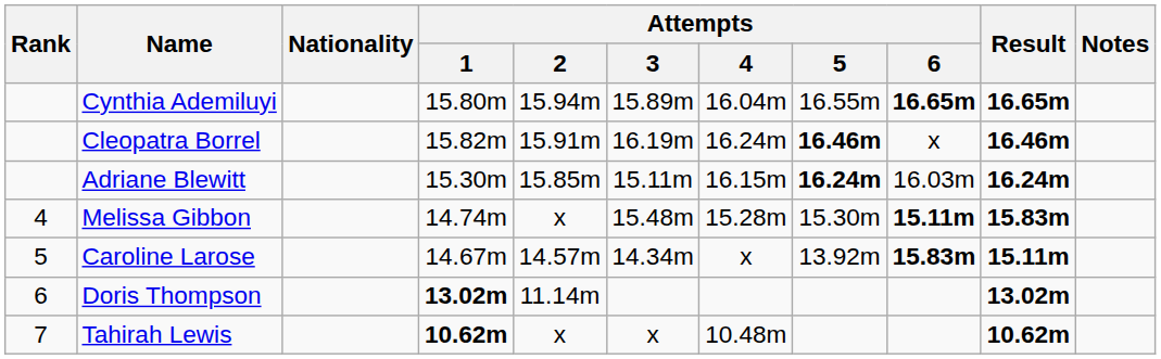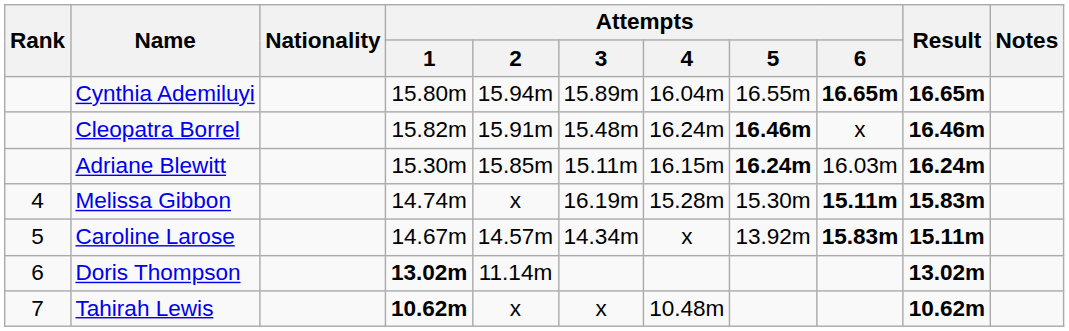 <table class="wikitable sortable" style="text-align:center">
 <tr>
 <th rowspan=2>Rank</th>
 <th rowspan=2>Name</th>
 <th rowspan=2>Nationality</th>
 <th colspan=6>Attempts</th>
 <th rowspan=2>Result</th>
 <th rowspan=2>Notes</th>
 </tr>
 <tr>
 <th>1</th>
 <th>2</th>
 <th>3</th>
 <th>4</th>
 <th>5</th>
 <th>6</th>
 </tr>
 <tr>
 <td align=center></td>
 <td align=left><a href='#'>Cynthia Ademiluyi</a></td>
 <td align=left></td>
 <td>15.80m</td>
 <td>15.94m</td>
 <td>15.89m</td>
 <td>16.04m</td>
 <td>16.55m</td>
 <td><strong>16.65m</strong></td>
 <td><strong>16.65m</strong></td>
 <td></td>
 </tr>
 <tr>
 <td align=center></td>
 <td align=left><a href='#'>Cleopatra Borrel</a></td>
 <td align=left></td>
 <td>15.82m</td>
 <td>15.91m</td>
-<td>16.19m</td>
+<td>15.48m</td>
 <td>16.24m</td>
 <td><strong>16.46m</strong></td>
 <td>x</td>
 <td><strong>16.46m</strong></td>
 <td></td>
 </tr>
 <tr>
 <td align=center></td>
 <td align=left><a href='#'>Adriane Blewitt</a></td>
 <td align=left></td>
 <td>15.30m</td>
 <td>15.85m</td>
 <td>15.11m</td>
 <td>16.15m</td>
 <td><strong>16.24m</strong></td>
 <td>16.03m</td>
 <td><strong>16.24m</strong></td>
 <td></td>
 </tr>
 <tr>
 <td align=center>4</td>
 <td align=left><a href='#'>Melissa Gibbon</a></td>
 <td align=left></td>
 <td>14.74m</td>
 <td>x</td>
-<td>15.48m</td>
+<td>16.19m</td>
 <td>15.28m</td>
 <td>15.30m</td>
 <td><strong>15.11m</strong></td>
 <td><strong>15.83m</strong></td>
 <td></td>
 </tr>
 <tr>
 <td align=center>5</td>
 <td align=left><a href='#'>Caroline Larose</a></td>
 <td align=left></td>
 <td>14.67m</td>
 <td>14.57m</td>
 <td>14.34m</td>
 <td>x</td>
 <td>13.92m</td>
 <td><strong>15.83m</strong></td>
 <td><strong>15.11m</strong></td>
 <td></td>
 </tr>
 <tr>
 <td align=center>6</td>
 <td align=left><a href='#'>Doris Thompson</a></td>
 <td align=left></td>
 <td><strong>13.02m</strong></td>
 <td>11.14m</td>
 <td></td>
 <td></td>
 <td></td>
 <td></td>
 <td><strong>13.02m</strong></td>
 <td></td>
 </tr>
 <tr>
 <td align=center>7</td>
 <td align=left><a href='#'>Tahirah Lewis</a></td>
 <td align=left></td>
 <td><strong>10.62m</strong></td>
 <td>x</td>
 <td>x</td>
 <td>10.48m</td>
 <td></td>
 <td></td>
 <td><strong>10.62m</strong></td>
 <td></td>
 </tr>
 </table>
